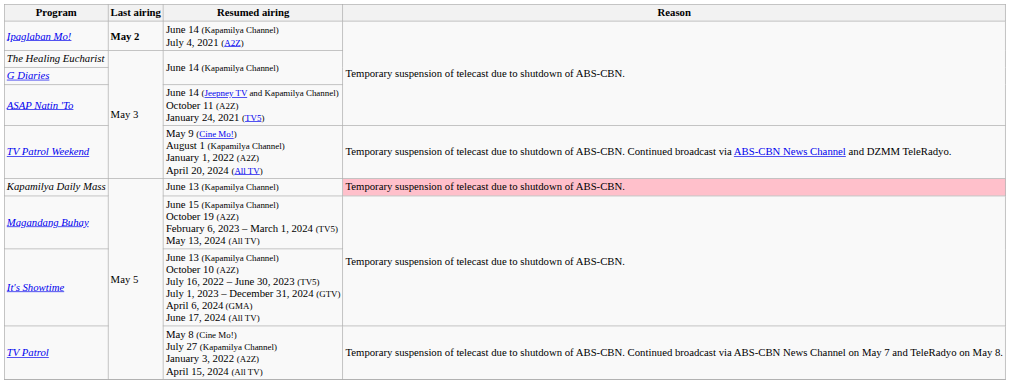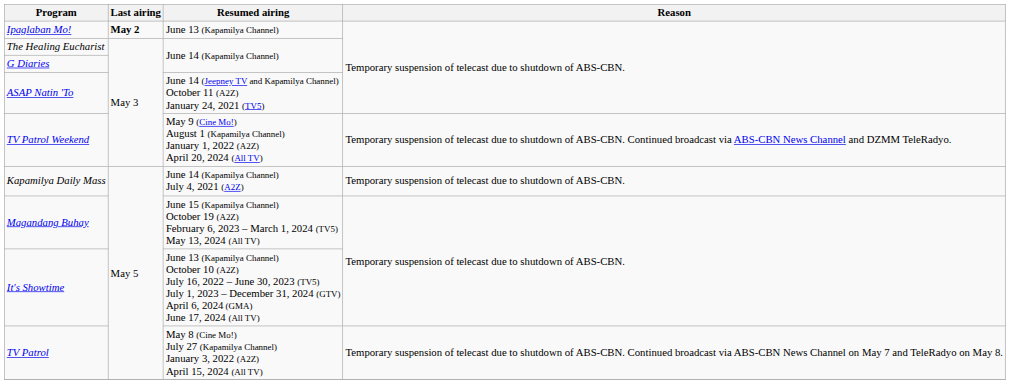 <table class="wikitable">
 <tr>
 <th>Program</th>
 <th>Last airing</th>
 <th>Resumed airing</th>
 <th>Reason</th>
 </tr>
 <tr>
 <td><em><a href='#'>Ipaglaban Mo!</a></em></td>
 <td><strong>May 2</strong></td>
-<td>June 14 <small>(Kapamilya Channel)</small><br>July 4, 2021 <small>(<a href='#'>A2Z</a>)</small></td>
+<td>June 13 <small>(Kapamilya Channel)</small></td>
 <td rowspan="4">Temporary suspension of telecast due to shutdown of ABS-CBN.</td>
 </tr>
 <tr>
 <td><em>The Healing Eucharist</em></td>
 <td rowspan="4">May 3</td>
 <td rowspan="2">June 14 <small>(Kapamilya Channel)</small></td>
 </tr>
 <tr>
 <td><em><a href='#'>G Diaries</a></em></td>
 </tr>
 <tr>
 <td><em><a href='#'>ASAP Natin 'To</a></em></td>
 <td>June 14 <small>(<a href='#'>Jeepney TV</a> and Kapamilya Channel)</small><br>October 11 <small>(A2Z)</small><br>January 24, 2021 <small>(<a href='#'>TV5</a>)</small></td>
 </tr>
 <tr>
 <td><em><a href='#'>TV Patrol Weekend</a></em></td>
 <td>May 9 <small>(<a href='#'>Cine Mo!</a>)</small><br>August 1 <small>(Kapamilya Channel)</small><br>January 1, 2022 <small>(A2Z)</small><br>April 20, 2024 <small>(<a href='#'>All TV</a>)</small></td>
 <td>Temporary suspension of telecast due to shutdown of ABS-CBN. Continued broadcast via <a href='#'>ABS-CBN News Channel</a> and DZMM TeleRadyo.</td>
 </tr>
 <tr>
 <td><em>Kapamilya Daily Mass</em></td>
 <td rowspan="4">May 5</td>
-<td>June 13 <small>(Kapamilya Channel)</small></td>
-<td style="background: pink;">Temporary suspension of telecast due to shutdown of ABS-CBN.</td>
+<td>June 14 <small>(Kapamilya Channel)</small><br>July 4, 2021 <small>(<a href='#'>A2Z</a>)</small></td>
+<td>Temporary suspension of telecast due to shutdown of ABS-CBN.</td>
 </tr>
 <tr>
 <td><em><a href='#'>Magandang Buhay</a></em></td>
 <td>June 15 <small>(Kapamilya Channel)</small><br>October 19 <small>(A2Z)</small> <br>February 6, 2023 – March 1, 2024 <small>(TV5)</small><br> May 13, 2024 <small>(All TV)</small></td>
 <td rowspan=2>Temporary suspension of telecast due to shutdown of ABS-CBN.</td>
 </tr>
 <tr>
 <td><em><a href='#'>It's Showtime</a></em></td>
 <td>June 13 <small>(Kapamilya Channel)</small><br>October 10 <small>(A2Z)</small><br>July 16, 2022 – June 30, 2023 <small>(TV5)</small><br>July 1, 2023 – December 31, 2024 <small>(GTV)</small><br>April 6, 2024<small> (GMA)</small><br> June 17, 2024 <small> (All TV)</small></td>
 </tr>
 <tr>
 <td><em><a href='#'>TV Patrol</a></em></td>
 <td>May 8 <small>(Cine Mo!)</small><br>July 27 <small>(Kapamilya Channel)</small><br>January 3, 2022 <small>(A2Z)</small><br>April 15, 2024 <small>(All TV)</small></td>
 <td>Temporary suspension of telecast due to shutdown of ABS-CBN. Continued broadcast via ABS-CBN News Channel on May 7 and TeleRadyo on May 8.</td>
 </tr>
 <tr>
 </tr>
 </table>
